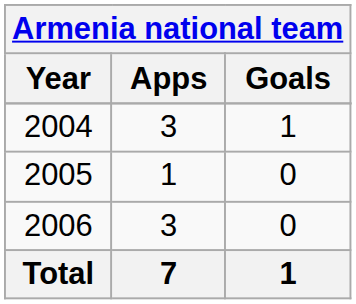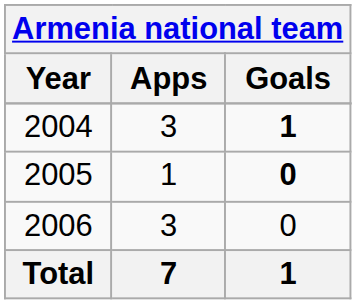 <table class="wikitable" style="text-align:center">
 <tr>
 <th colspan=3><a href='#'>Armenia national team</a></th>
 </tr>
 <tr>
 <th>Year</th>
 <th>Apps</th>
 <th>Goals</th>
 </tr>
 <tr>
 </tr>
 <tr>
 <td>2004</td>
 <td>3</td>
-<td>1</td>
+<td><strong>1</strong></td>
 </tr>
 <tr>
 <td>2005</td>
 <td>1</td>
-<td>0</td>
+<td><strong>0</strong></td>
 </tr>
 <tr>
 <td>2006</td>
 <td>3</td>
 <td>0</td>
 </tr>
 <tr>
 <th>Total</th>
 <th>7</th>
 <th>1</th>
 </tr>
 </table>
